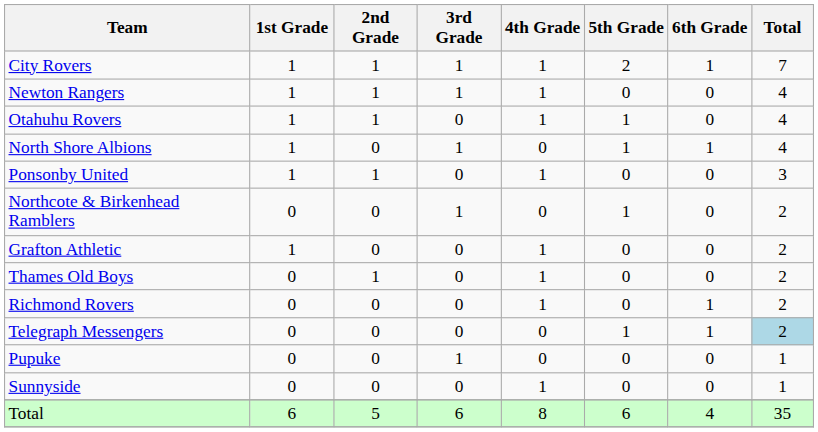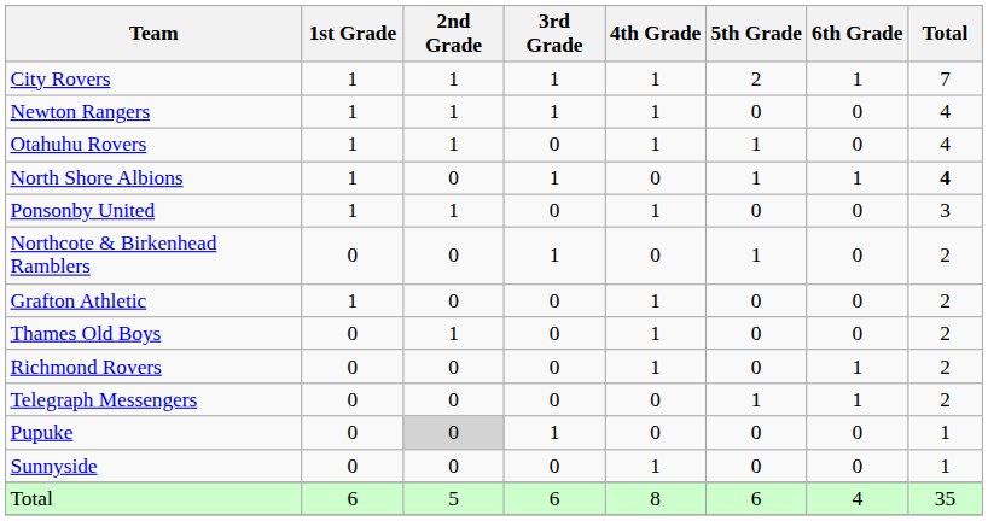 <table class="wikitable" style="text-align:center;">
 <tr>
 <th width=220>Team</th>
 <th width=70 abbr="1st Grade">1st Grade</th>
 <th width=70 abbr="2nd Grade">2nd Grade</th>
 <th width=70 abbr="3rd Grade">3rd Grade</th>
 <th width=70 abbr="4th Grade">4th Grade</th>
 <th width=70 abbr="5th Grade">5th Grade</th>
 <th width=70 abbr="6th Grade">6th Grade</th>
 <th width=50 abbr="Total">Total</th>
 </tr>
 <tr>
 <td style="text-align:left;"><a href='#'>City Rovers</a></td>
 <td>1</td>
 <td>1</td>
 <td>1</td>
 <td>1</td>
 <td>2</td>
 <td>1</td>
 <td>7</td>
 </tr>
 <tr>
 <td style="text-align:left;"><a href='#'>Newton Rangers</a></td>
 <td>1</td>
 <td>1</td>
 <td>1</td>
 <td>1</td>
 <td>0</td>
 <td>0</td>
 <td>4</td>
 </tr>
 <tr>
 <td style="text-align:left;"><a href='#'>Otahuhu Rovers</a></td>
 <td>1</td>
 <td>1</td>
 <td>0</td>
 <td>1</td>
 <td>1</td>
 <td>0</td>
 <td>4</td>
 </tr>
 <tr>
 <td style="text-align:left;"><a href='#'>North Shore Albions</a></td>
 <td>1</td>
 <td>0</td>
 <td>1</td>
 <td>0</td>
 <td>1</td>
 <td>1</td>
-<td>4</td>
+<td><strong>4</strong></td>
 </tr>
 <tr>
 <td style="text-align:left;"><a href='#'>Ponsonby United</a></td>
 <td>1</td>
 <td>1</td>
 <td>0</td>
 <td>1</td>
 <td>0</td>
 <td>0</td>
 <td>3</td>
 </tr>
 <tr>
 <td style="text-align:left;"><a href='#'>Northcote & Birkenhead Ramblers</a></td>
 <td>0</td>
 <td>0</td>
 <td>1</td>
 <td>0</td>
 <td>1</td>
 <td>0</td>
 <td>2</td>
 </tr>
 <tr>
 <td style="text-align:left;"><a href='#'>Grafton Athletic</a></td>
 <td>1</td>
 <td>0</td>
 <td>0</td>
 <td>1</td>
 <td>0</td>
 <td>0</td>
 <td>2</td>
 </tr>
 <tr>
 <td style="text-align:left;"><a href='#'>Thames Old Boys</a></td>
 <td>0</td>
 <td>1</td>
 <td>0</td>
 <td>1</td>
 <td>0</td>
 <td>0</td>
 <td>2</td>
 </tr>
 <tr>
 <td style="text-align:left;"><a href='#'>Richmond Rovers</a></td>
 <td>0</td>
 <td>0</td>
 <td>0</td>
 <td>1</td>
 <td>0</td>
 <td>1</td>
 <td>2</td>
 </tr>
 <tr>
 <td style="text-align:left;"><a href='#'>Telegraph Messengers</a></td>
 <td>0</td>
 <td>0</td>
 <td>0</td>
 <td>0</td>
 <td>1</td>
 <td>1</td>
-<td style="background: lightblue;">2</td>
+<td>2</td>
 </tr>
 <tr>
 <td style="text-align:left;"><a href='#'>Pupuke</a></td>
 <td>0</td>
-<td>0</td>
+<td style="background: lightgrey;">0</td>
 <td>1</td>
 <td>0</td>
 <td>0</td>
 <td>0</td>
 <td>1</td>
 </tr>
 <tr>
 <td style="text-align:left;"><a href='#'>Sunnyside</a></td>
 <td>0</td>
 <td>0</td>
 <td>0</td>
 <td>1</td>
 <td>0</td>
 <td>0</td>
 <td>1</td>
 </tr>
 <tr>
 </tr>
 <tr style="background: #ccffcc;">
 <td style="text-align:left;">Total</td>
 <td>6</td>
 <td>5</td>
 <td>6</td>
 <td>8</td>
 <td>6</td>
 <td>4</td>
 <td>35</td>
 </tr>
 <tr>
 </tr>
 </table>
